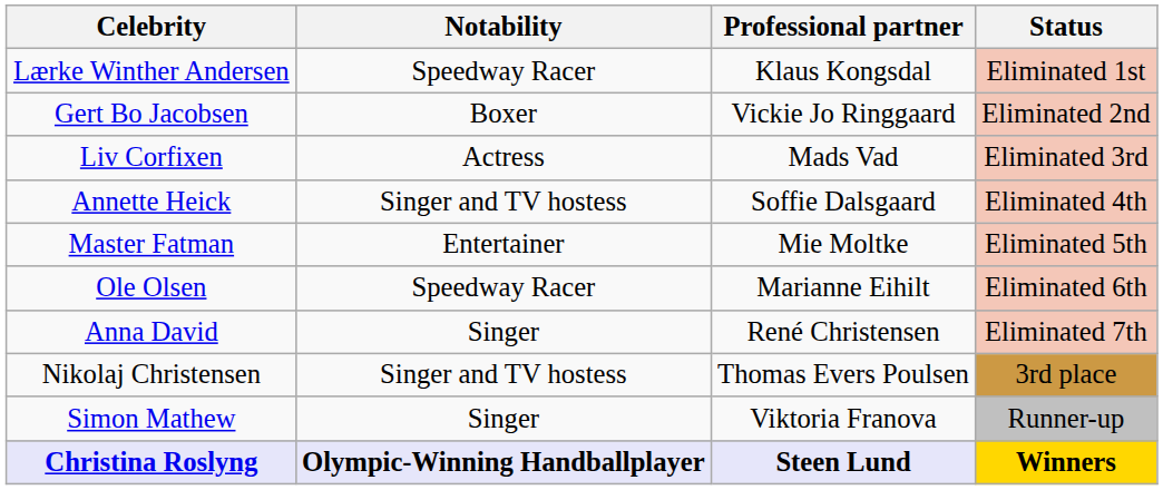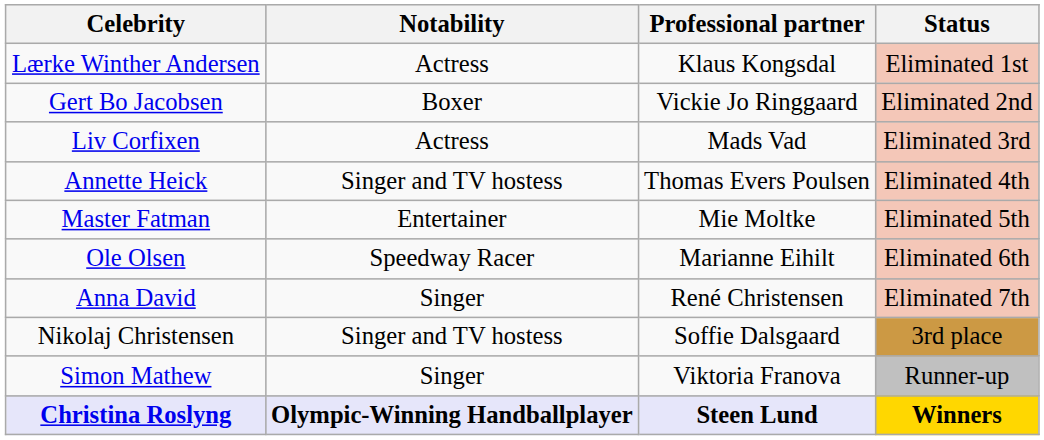 <table class= "wikitable sortable" style="text-align: center; margin:auto; align: center">
 <tr>
 <th>Celebrity</th>
 <th>Notability</th>
 <th>Professional partner</th>
 <th>Status</th>
 </tr>
 <tr>
 <td><a href='#'>Lærke Winther Andersen</a></td>
-<td>Speedway Racer</td>
+<td>Actress</td>
 <td>Klaus Kongsdal</td>
 <td style="background:#f4c7b8;">Eliminated 1st</td>
 </tr>
 <tr>
 <td><a href='#'>Gert Bo Jacobsen</a></td>
 <td>Boxer</td>
 <td>Vickie Jo Ringgaard</td>
 <td style="background:#f4c7b8;">Eliminated 2nd</td>
 </tr>
 <tr>
 <td><a href='#'>Liv Corfixen</a></td>
 <td>Actress</td>
 <td>Mads Vad</td>
 <td style="background:#f4c7b8;">Eliminated 3rd</td>
 </tr>
 <tr>
 <td><a href='#'>Annette Heick</a></td>
 <td>Singer and TV hostess</td>
-<td>Soffie Dalsgaard</td>
+<td>Thomas Evers Poulsen</td>
 <td style="background:#f4c7b8;">Eliminated 4th</td>
 </tr>
 <tr>
 <td><a href='#'>Master Fatman</a></td>
 <td>Entertainer</td>
 <td>Mie Moltke</td>
 <td style="background:#f4c7b8;">Eliminated 5th</td>
 </tr>
 <tr>
 <td><a href='#'>Ole Olsen</a></td>
 <td>Speedway Racer</td>
 <td>Marianne Eihilt</td>
 <td style="background:#f4c7b8;">Eliminated 6th</td>
 </tr>
 <tr>
 <td><a href='#'>Anna David</a></td>
 <td>Singer</td>
 <td>René Christensen</td>
 <td style="background:#f4c7b8;">Eliminated 7th</td>
 </tr>
 <tr>
 <td>Nikolaj Christensen</td>
 <td>Singer and TV hostess</td>
-<td>Thomas Evers Poulsen</td>
+<td>Soffie Dalsgaard</td>
 <td style="background:#c94;">3rd place</td>
 </tr>
 <tr>
 <td><a href='#'>Simon Mathew</a></td>
 <td>Singer</td>
 <td>Viktoria Franova</td>
 <td style="background:silver;">Runner-up</td>
 </tr>
 <tr>
 <td style="background:lavender;"><strong><a href='#'>Christina Roslyng</a></strong></td>
 <td style="background:lavender;"><strong>Olympic-Winning Handballplayer</strong></td>
 <td style="background:lavender;"><strong>Steen Lund</strong></td>
 <td style="background:gold;"><strong>Winners</strong></td>
 </tr>
 </table>
